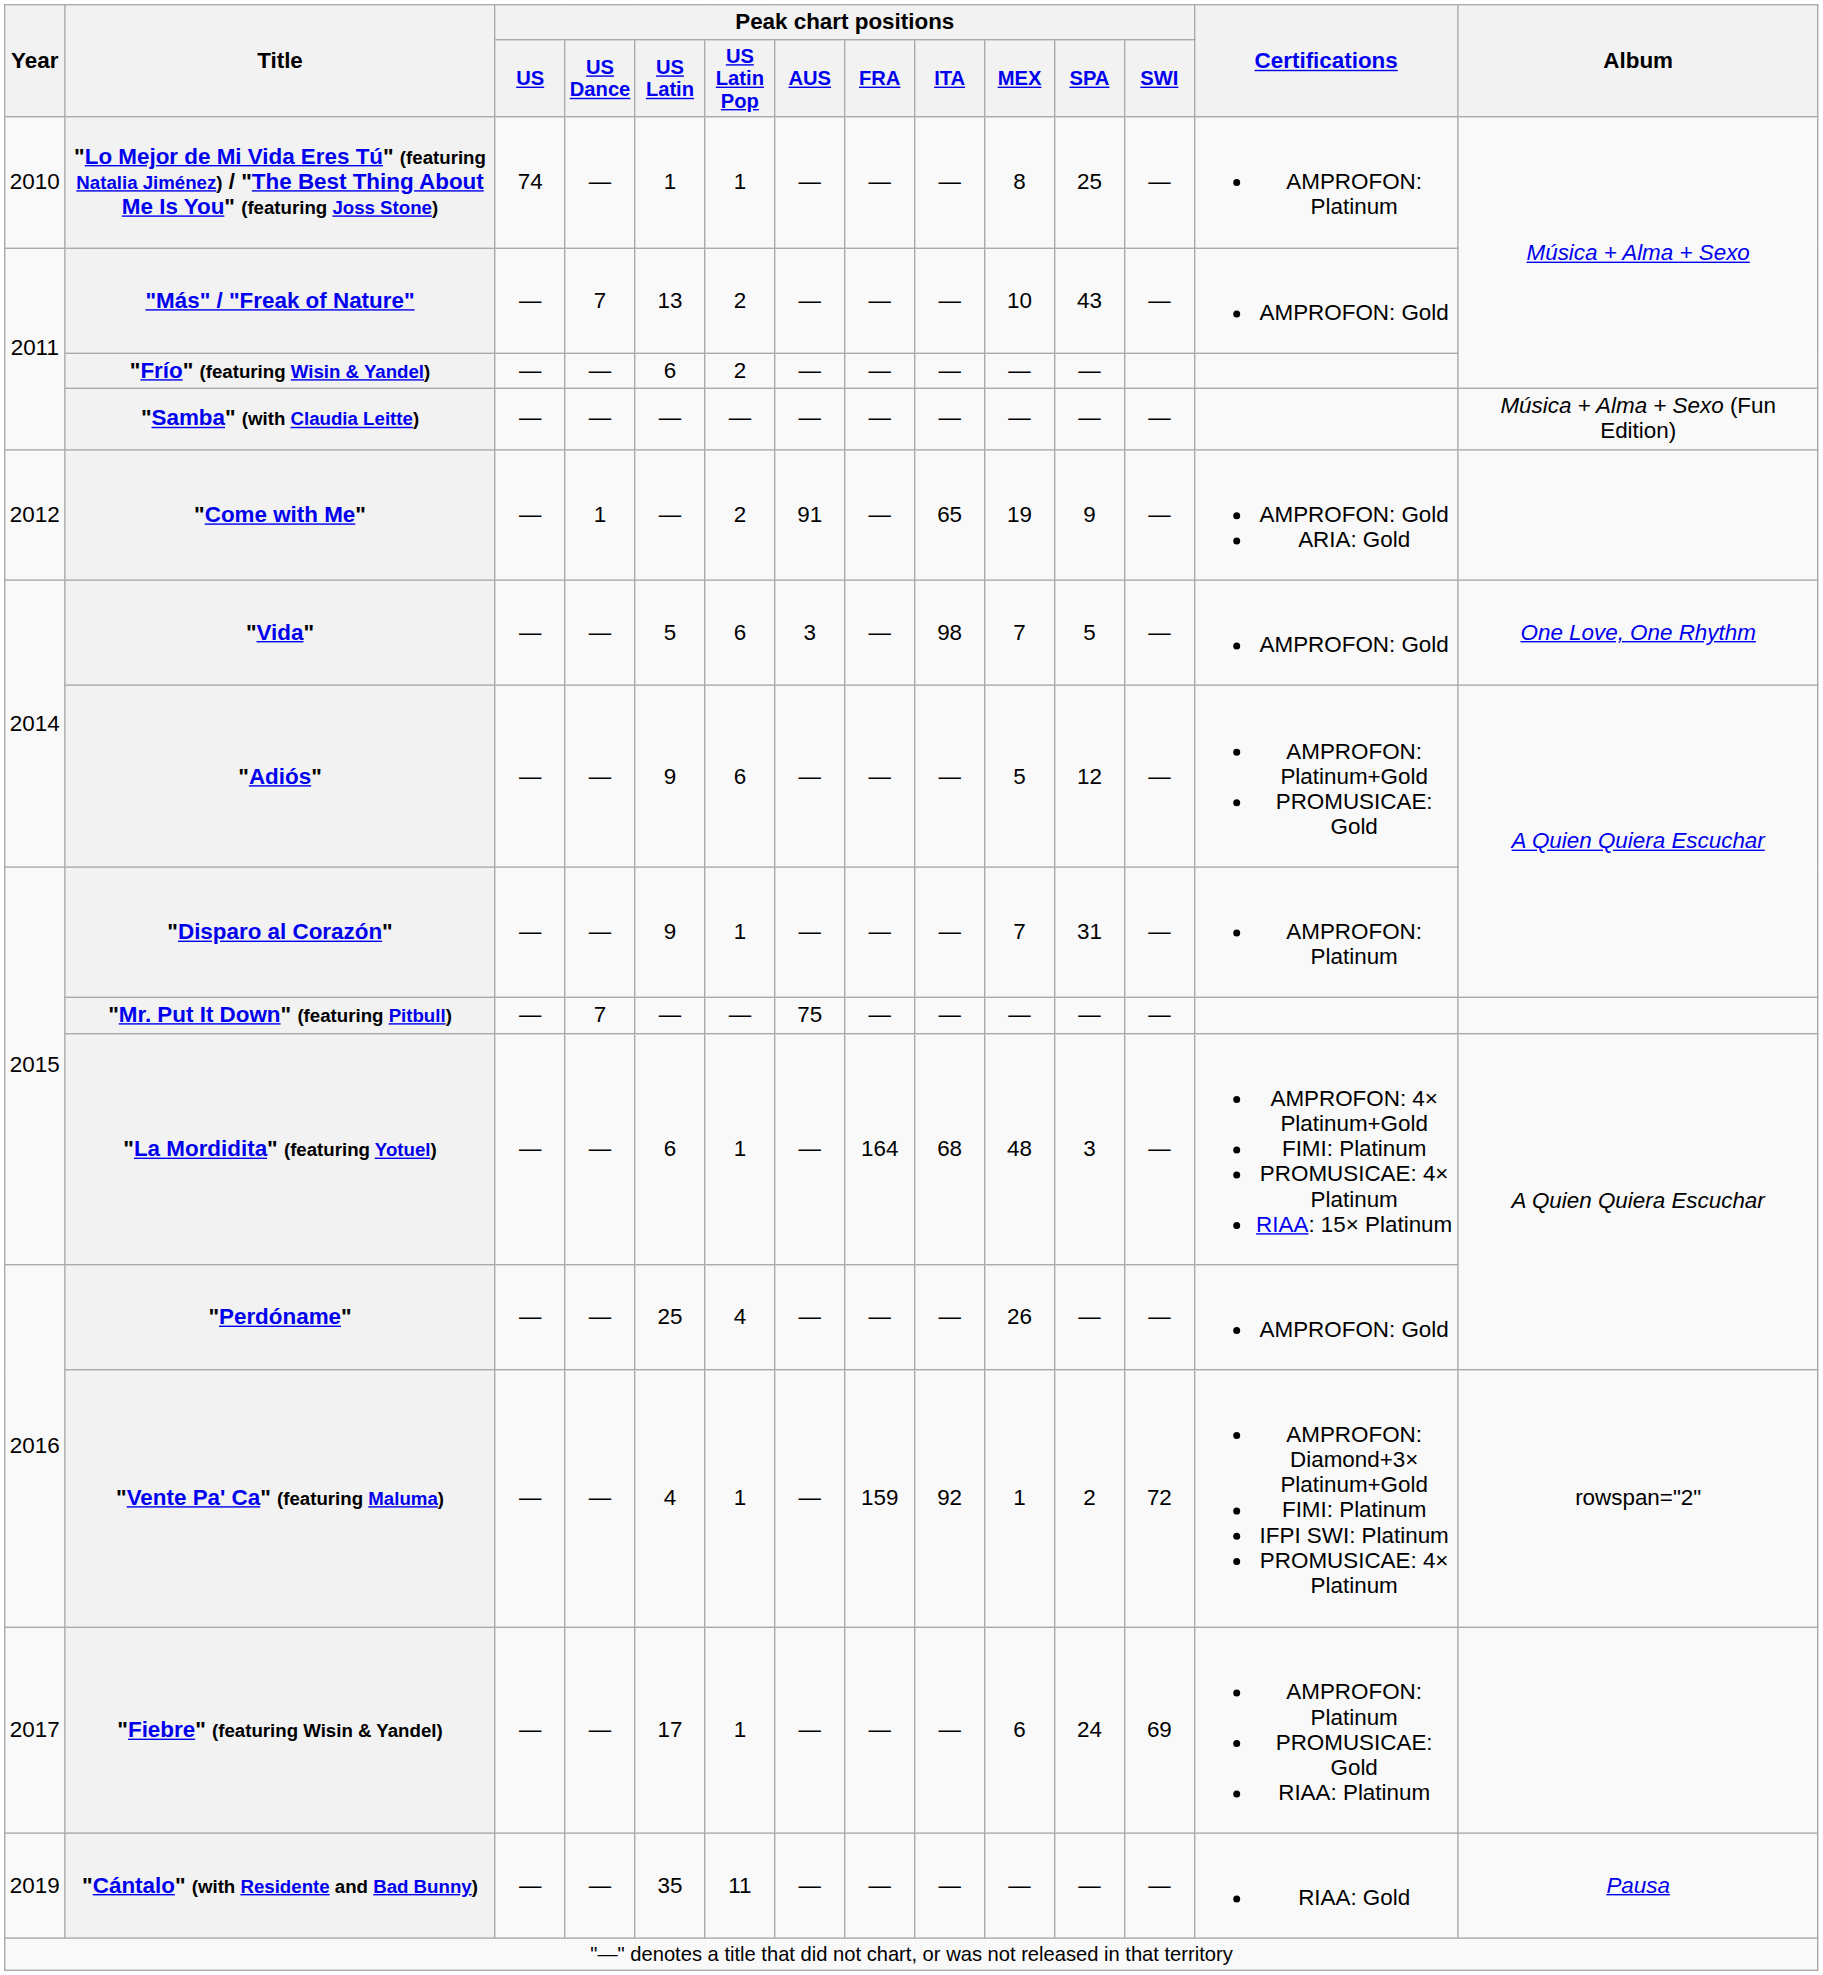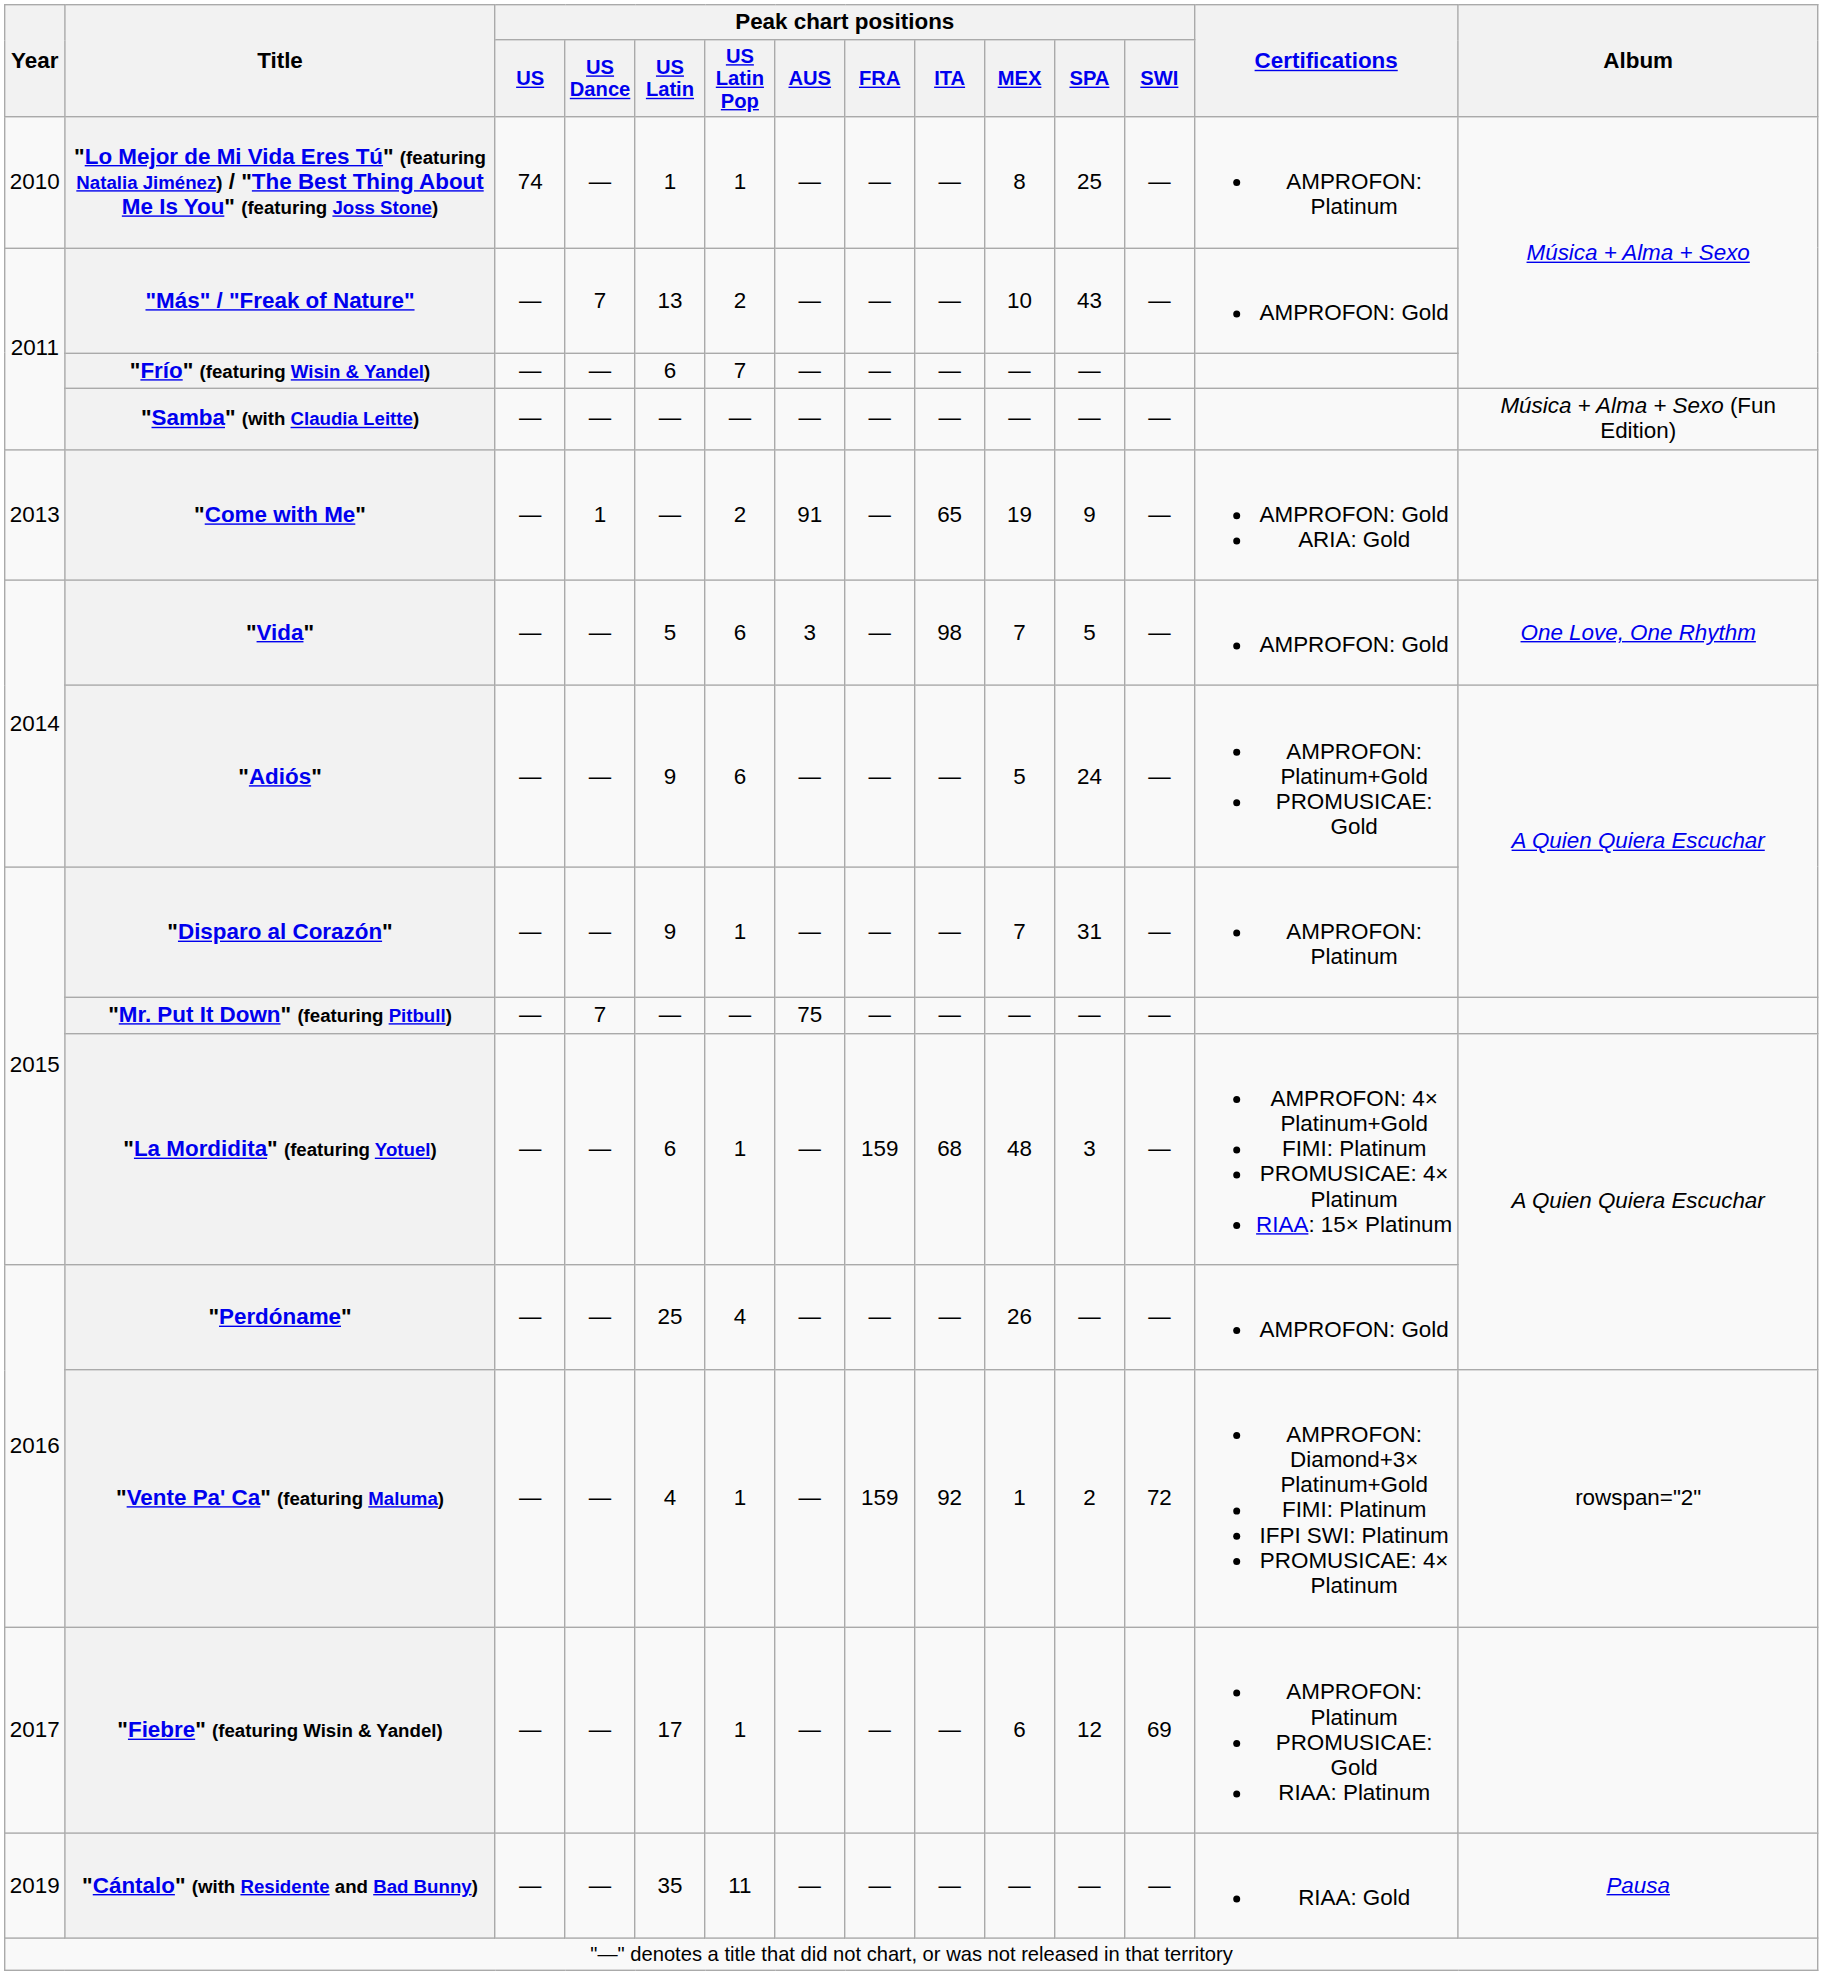 <table class="wikitable plainrowheaders" style="text-align:center">
 <tr>
 <th scope="col" rowspan="2" width="30">Year</th>
 <th scope="col" rowspan="2" width="300">Title</th>
 <th scope="col" colspan="10">Peak chart positions</th>
 <th scope="col" rowspan="2" width="181"><a href='#'>Certifications</a></th>
 <th scope="col" rowspan="2" width="250">Album</th>
 </tr>
 <tr>
 <th scope="col" style="width:3em;font-size:90%;" !width="25"><a href='#'>US</a><br></th>
 <th scope="col" style="width:3em;font-size:90%;" !width="25"><a href='#'>US Dance</a><br></th>
 <th scope="col" style="width:3em;font-size:90%;" !width="25"><a href='#'>US Latin</a><br></th>
 <th scope="col" style="width:3em;font-size:90%;" !width="25"><a href='#'>US Latin Pop</a><br></th>
 <th scope="col" style="width:3em;font-size:90%;" !width="25"><a href='#'>AUS</a><br></th>
 <th scope="col" style="width:3em;font-size:90%;" !width="25"><a href='#'>FRA</a><br></th>
 <th scope="col" style="width:3em;font-size:90%;" !width="25"><a href='#'>ITA</a><br></th>
 <th scope="col" style="width:3em;font-size:90%;" !width="25"><a href='#'>MEX</a><br></th>
 <th scope="col" style="width:3em;font-size:90%;" !width="25"><a href='#'>SPA</a><br></th>
 <th scope="col" style="width:3em;font-size:90%;" !width="25"><a href='#'>SWI</a><br></th>
 </tr>
 <tr>
 <td>2010</td>
 <th scope="row">"<a href='#'>Lo Mejor de Mi Vida Eres Tú</a>" <small>(featuring <a href='#'>Natalia Jiménez</a>)</small> / "<a href='#'>The Best Thing About Me Is You</a>" <small>(featuring <a href='#'>Joss Stone</a>)</small></th>
 <td>74</td>
 <td>—</td>
 <td>1</td>
 <td>1</td>
 <td>—</td>
 <td>—</td>
 <td>—</td>
 <td>8</td>
 <td>25</td>
 <td>—</td>
 <td><br><ul><li>AMPROFON: Platinum</li></ul></td>
 <td rowspan="3"><em><a href='#'>Música + Alma + Sexo</a></em></td>
 </tr>
 <tr>
 <td rowspan="3">2011</td>
 <th scope="row"><a href='#'>"Más" / "Freak of Nature"</a></th>
 <td>—</td>
 <td>7</td>
 <td>13</td>
 <td>2</td>
 <td>—</td>
 <td>—</td>
 <td>—</td>
 <td>10</td>
 <td>43</td>
 <td>—</td>
 <td><br><ul><li>AMPROFON: Gold</li></ul></td>
 </tr>
 <tr>
 <th scope="row">"<a href='#'>Frío</a>" <small>(featuring <a href='#'>Wisin & Yandel</a>)</small></th>
 <td>—</td>
 <td>—</td>
 <td>6</td>
-<td>2</td>
+<td>7</td>
 <td>—</td>
 <td>—</td>
 <td>—</td>
 <td>—</td>
 <td>—</td>
 <td></td>
 </tr>
 <tr>
 <th scope="row">"<a href='#'>Samba</a>" <small>(with <a href='#'>Claudia Leitte</a>)</small></th>
 <td>—</td>
 <td>—</td>
 <td>—</td>
 <td>—</td>
 <td>—</td>
 <td>—</td>
 <td>—</td>
 <td>—</td>
 <td>—</td>
 <td>—</td>
 <td></td>
 <td><em>Música + Alma + Sexo</em> (Fun Edition)</td>
 </tr>
 <tr>
-<td>2012</td>
+<td>2013</td>
 <th scope="row">"<a href='#'>Come with Me</a>"</th>
 <td>—</td>
 <td>1</td>
 <td>—</td>
 <td>2</td>
 <td>91</td>
 <td>—</td>
 <td>65</td>
 <td>19</td>
 <td>9</td>
 <td>—</td>
 <td><br><ul><li>AMPROFON: Gold</li><li>ARIA: Gold</li></ul></td>
 <td></td>
 </tr>
 <tr>
 <td rowspan="2">2014</td>
 <th scope="row">"<a href='#'>Vida</a>"</th>
 <td>—</td>
 <td>—</td>
 <td>5</td>
 <td>6</td>
 <td>3</td>
 <td>—</td>
 <td>98</td>
 <td>7</td>
 <td>5</td>
 <td>—</td>
 <td><br><ul><li>AMPROFON: Gold</li></ul></td>
 <td><em><a href='#'>One Love, One Rhythm</a></em></td>
 </tr>
 <tr>
 <th scope="row">"<a href='#'>Adiós</a>"</th>
 <td>—</td>
 <td>—</td>
 <td>9</td>
 <td>6</td>
 <td>—</td>
 <td>—</td>
 <td>—</td>
 <td>5</td>
-<td>12</td>
+<td>24</td>
 <td>—</td>
 <td><br><ul><li>AMPROFON: Platinum+Gold</li><li>PROMUSICAE: Gold</li></ul></td>
 <td rowspan="2"><em><a href='#'>A Quien Quiera Escuchar</a></em></td>
 </tr>
 <tr>
 <td rowspan="3">2015</td>
 <th scope="row">"<a href='#'>Disparo al Corazón</a>"</th>
 <td>—</td>
 <td>—</td>
 <td>9</td>
 <td>1</td>
 <td>—</td>
 <td>—</td>
 <td>—</td>
 <td>7</td>
 <td>31</td>
 <td>—</td>
 <td><br><ul><li>AMPROFON: Platinum</li></ul></td>
 </tr>
 <tr>
 <th scope="row">"<a href='#'>Mr. Put It Down</a>" <small>(featuring <a href='#'>Pitbull</a>)</small></th>
 <td>—</td>
 <td>7</td>
 <td>—</td>
 <td>—</td>
 <td>75</td>
 <td>—</td>
 <td>—</td>
 <td>—</td>
 <td>—</td>
 <td>—</td>
 <td></td>
 <td></td>
 </tr>
 <tr>
 <th scope="row">"<a href='#'>La Mordidita</a>" <small>(featuring <a href='#'>Yotuel</a>)</small></th>
 <td>—</td>
 <td>—</td>
 <td>6</td>
 <td>1</td>
 <td>—</td>
-<td>164</td>
+<td>159</td>
 <td>68</td>
 <td>48</td>
 <td>3</td>
 <td>—</td>
 <td><br><ul><li>AMPROFON: 4× Platinum+Gold</li><li>FIMI: Platinum</li><li>PROMUSICAE: 4× Platinum</li><li><a href='#'>RIAA</a>: 15× Platinum </li></ul></td>
 <td rowspan="2"><em>A Quien Quiera Escuchar</em></td>
 </tr>
 <tr>
 <td rowspan="2">2016</td>
 <th scope="row">"<a href='#'>Perdóname</a>"</th>
 <td>—</td>
 <td>—</td>
 <td>25</td>
 <td>4</td>
 <td>—</td>
 <td>—</td>
 <td>—</td>
 <td>26</td>
 <td>—</td>
 <td>—</td>
 <td><br><ul><li>AMPROFON: Gold</li></ul></td>
 </tr>
 <tr>
 <th scope="row">"<a href='#'>Vente Pa' Ca</a>" <small>(featuring <a href='#'>Maluma</a>) </small></th>
 <td>—</td>
 <td>—</td>
 <td>4</td>
 <td>1</td>
 <td>—</td>
 <td>159</td>
 <td>92</td>
 <td>1</td>
 <td>2</td>
 <td>72</td>
 <td><br><ul><li>AMPROFON: Diamond+3× Platinum+Gold</li><li>FIMI: Platinum</li><li>IFPI SWI: Platinum</li><li>PROMUSICAE: 4× Platinum</li></ul></td>
 <td>rowspan="2" </td>
 </tr>
 <tr>
 <td>2017</td>
 <th scope="row">"<a href='#'>Fiebre</a>" <small>(featuring Wisin & Yandel)</small></th>
 <td>—</td>
 <td>—</td>
 <td>17</td>
 <td>1</td>
 <td>—</td>
 <td>—</td>
 <td>—</td>
 <td>6</td>
-<td>24</td>
+<td>12</td>
 <td>69</td>
 <td><br><ul><li>AMPROFON: Platinum</li><li>PROMUSICAE: Gold</li><li>RIAA: Platinum </li></ul></td>
 </tr>
 <tr>
 <td>2019</td>
 <th scope="row">"<a href='#'>Cántalo</a>" <small>(with <a href='#'>Residente</a> and <a href='#'>Bad Bunny</a>)</small></th>
 <td>—</td>
 <td>—</td>
 <td>35</td>
 <td>11</td>
 <td>—</td>
 <td>—</td>
 <td>—</td>
 <td>—</td>
 <td>—</td>
 <td>—</td>
 <td><br><ul><li>RIAA: Gold </li></ul></td>
 <td><em><a href='#'>Pausa</a></em></td>
 </tr>
 <tr>
 <td colspan="15" style="font-size:90%">"—" denotes a title that did not chart, or was not released in that territory</td>
 </tr>
 </table>
